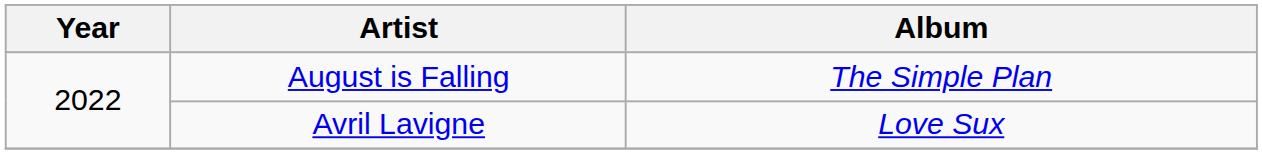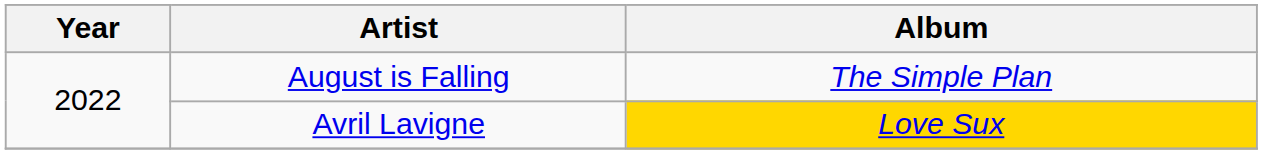 <table class="wikitable" style="margin:auto; text-align:center;" width="75%">
 <tr>
 <th scope="col" style="width:50px;">Year</th>
 <th scope="col" style="width:150px;">Artist</th>
 <th scope="col" style="width:210px;">Album</th>
 </tr>
 <tr>
 <td rowspan="2">2022</td>
 <td><a href='#'>August is Falling</a></td>
 <td><em><a href='#'>The Simple Plan</a></em></td>
 </tr>
 <tr>
 <td><a href='#'>Avril Lavigne</a></td>
-<td><em><a href='#'>Love Sux</a></em></td>
+<td style="background: gold;"><em><a href='#'>Love Sux</a></em></td>
 </tr>
 <tr>
 </tr>
 </table>
